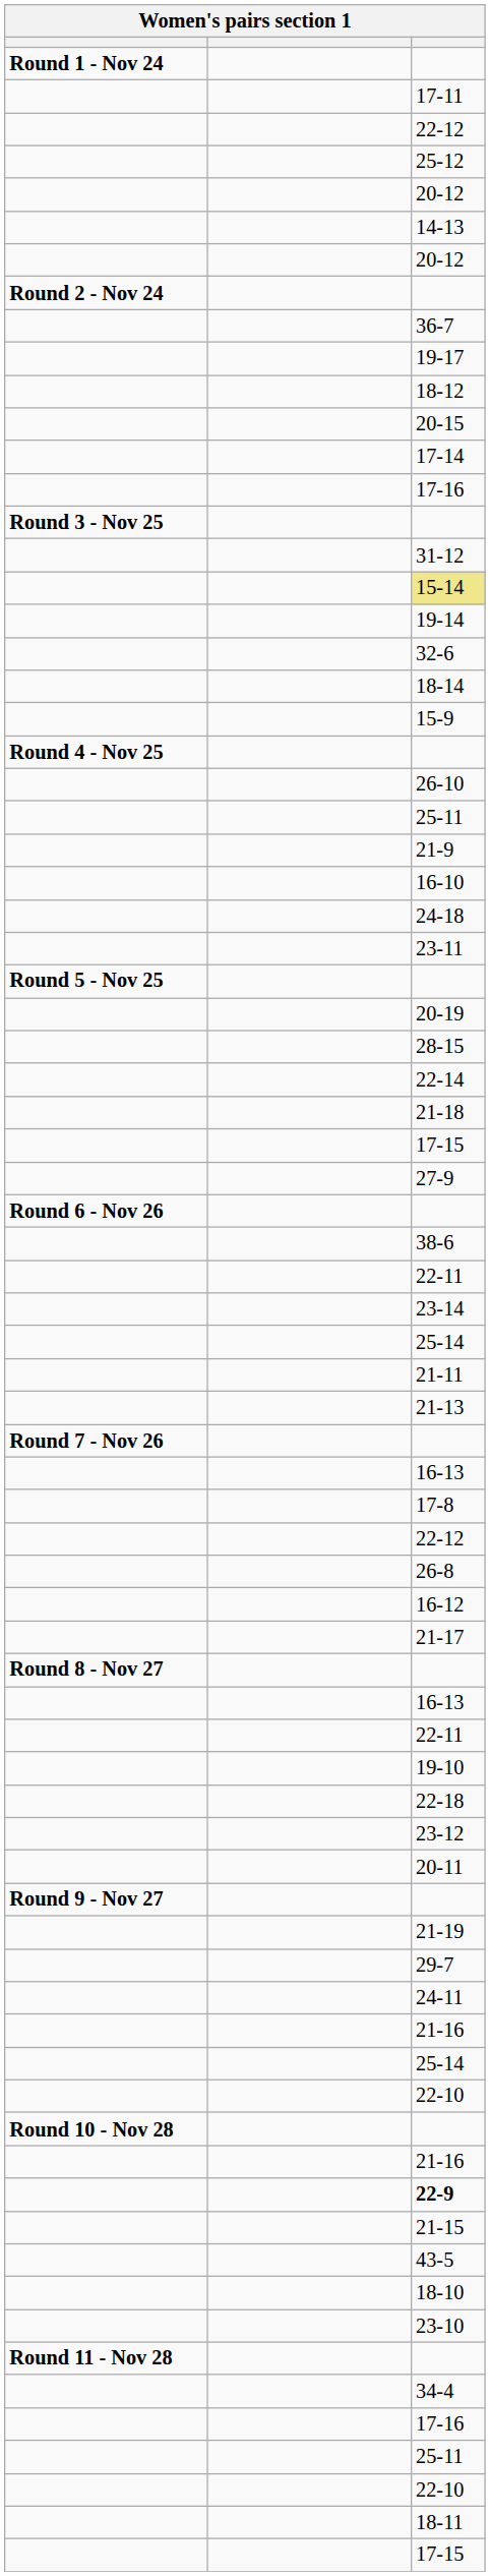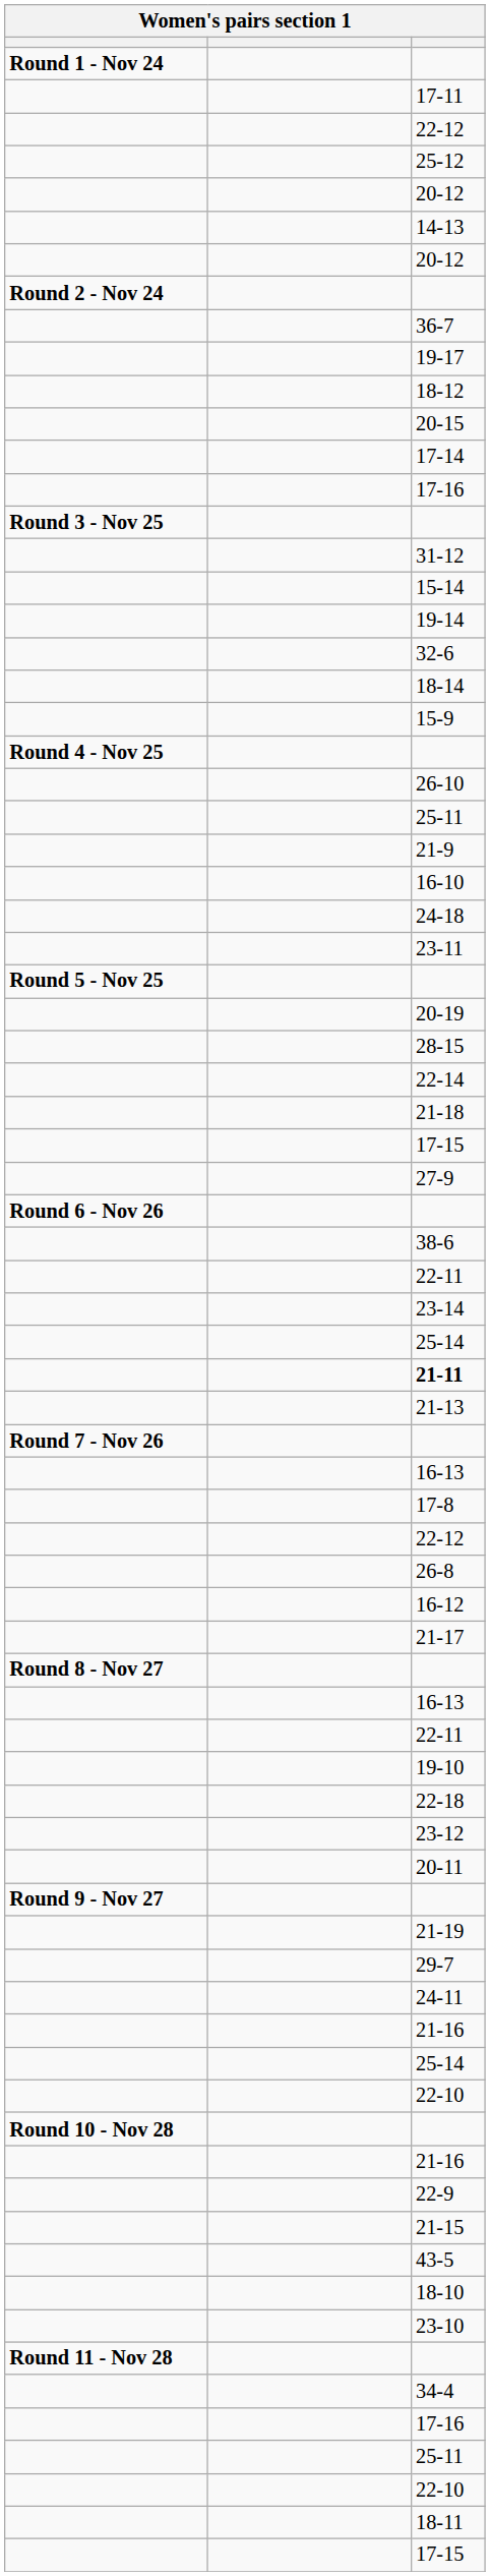 <table class="wikitable">
 <tr>
 <th colspan="3">Women's pairs section 1</th>
 </tr>
 <tr>
 <th width=150></th>
 <th width=150></th>
 <th width=50></th>
 </tr>
 <tr>
 <td><strong>Round 1 - Nov 24</strong></td>
 <td></td>
 <td></td>
 </tr>
 <tr>
 <td></td>
 <td></td>
 <td>17-11</td>
 </tr>
 <tr>
 <td></td>
 <td></td>
 <td>22-12</td>
 </tr>
 <tr>
 <td></td>
 <td></td>
 <td>25-12</td>
 </tr>
 <tr>
 <td></td>
 <td></td>
 <td>20-12</td>
 </tr>
 <tr>
 <td></td>
 <td></td>
 <td>14-13</td>
 </tr>
 <tr>
 <td></td>
 <td></td>
 <td>20-12</td>
 </tr>
 <tr>
 <td><strong>Round 2 - Nov 24</strong></td>
 <td></td>
 <td></td>
 </tr>
 <tr>
 <td></td>
 <td></td>
 <td>36-7</td>
 </tr>
 <tr>
 <td></td>
 <td></td>
 <td>19-17</td>
 </tr>
 <tr>
 <td></td>
 <td></td>
 <td>18-12</td>
 </tr>
 <tr>
 <td></td>
 <td></td>
 <td>20-15</td>
 </tr>
 <tr>
 <td></td>
 <td></td>
 <td>17-14</td>
 </tr>
 <tr>
 <td></td>
 <td></td>
 <td>17-16</td>
 </tr>
 <tr>
 <td><strong>Round 3 - Nov 25</strong></td>
 <td></td>
 <td></td>
 </tr>
 <tr>
 <td></td>
 <td></td>
 <td>31-12</td>
 </tr>
 <tr>
 <td></td>
 <td></td>
-<td style="background: khaki;">15-14</td>
+<td>15-14</td>
 </tr>
 <tr>
 <td></td>
 <td></td>
 <td>19-14</td>
 </tr>
 <tr>
 <td></td>
 <td></td>
 <td>32-6</td>
 </tr>
 <tr>
 <td></td>
 <td></td>
 <td>18-14</td>
 </tr>
 <tr>
 <td></td>
 <td></td>
 <td>15-9</td>
 </tr>
 <tr>
 <td><strong>Round 4 - Nov 25</strong></td>
 <td></td>
 <td></td>
 </tr>
 <tr>
 <td></td>
 <td></td>
 <td>26-10</td>
 </tr>
 <tr>
 <td></td>
 <td></td>
 <td>25-11</td>
 </tr>
 <tr>
 <td></td>
 <td></td>
 <td>21-9</td>
 </tr>
 <tr>
 <td></td>
 <td></td>
 <td>16-10</td>
 </tr>
 <tr>
 <td></td>
 <td></td>
 <td>24-18</td>
 </tr>
 <tr>
 <td></td>
 <td></td>
 <td>23-11</td>
 </tr>
 <tr>
 <td><strong>Round 5 - Nov 25</strong></td>
 <td></td>
 <td></td>
 </tr>
 <tr>
 <td></td>
 <td></td>
 <td>20-19</td>
 </tr>
 <tr>
 <td></td>
 <td></td>
 <td>28-15</td>
 </tr>
 <tr>
 <td></td>
 <td></td>
 <td>22-14</td>
 </tr>
 <tr>
 <td></td>
 <td></td>
 <td>21-18</td>
 </tr>
 <tr>
 <td></td>
 <td></td>
 <td>17-15</td>
 </tr>
 <tr>
 <td></td>
 <td></td>
 <td>27-9</td>
 </tr>
 <tr>
 <td><strong>Round 6  - Nov 26 </strong></td>
 <td></td>
 <td></td>
 </tr>
 <tr>
 <td></td>
 <td></td>
 <td>38-6</td>
 </tr>
 <tr>
 <td></td>
 <td></td>
 <td>22-11</td>
 </tr>
 <tr>
 <td></td>
 <td></td>
 <td>23-14</td>
 </tr>
 <tr>
 <td></td>
 <td></td>
 <td>25-14</td>
 </tr>
 <tr>
 <td></td>
 <td></td>
-<td>21-11</td>
+<td><strong>21-11</strong></td>
 </tr>
 <tr>
 <td></td>
 <td></td>
 <td>21-13</td>
 </tr>
 <tr>
 <td><strong>Round 7 - Nov 26 </strong></td>
 <td></td>
 <td></td>
 </tr>
 <tr>
 <td></td>
 <td></td>
 <td>16-13</td>
 </tr>
 <tr>
 <td></td>
 <td></td>
 <td>17-8</td>
 </tr>
 <tr>
 <td></td>
 <td></td>
 <td>22-12</td>
 </tr>
 <tr>
 <td></td>
 <td></td>
 <td>26-8</td>
 </tr>
 <tr>
 <td></td>
 <td></td>
 <td>16-12</td>
 </tr>
 <tr>
 <td></td>
 <td></td>
 <td>21-17</td>
 </tr>
 <tr>
 <td><strong>Round 8 - Nov 27</strong></td>
 <td></td>
 <td></td>
 </tr>
 <tr>
 <td></td>
 <td></td>
 <td>16-13</td>
 </tr>
 <tr>
 <td></td>
 <td></td>
 <td>22-11</td>
 </tr>
 <tr>
 <td></td>
 <td></td>
 <td>19-10</td>
 </tr>
 <tr>
 <td></td>
 <td></td>
 <td>22-18</td>
 </tr>
 <tr>
 <td></td>
 <td></td>
 <td>23-12</td>
 </tr>
 <tr>
 <td></td>
 <td></td>
 <td>20-11</td>
 </tr>
 <tr>
 <td><strong>Round 9 - Nov 27</strong></td>
 <td></td>
 <td></td>
 </tr>
 <tr>
 <td></td>
 <td></td>
 <td>21-19</td>
 </tr>
 <tr>
 <td></td>
 <td></td>
 <td>29-7</td>
 </tr>
 <tr>
 <td></td>
 <td></td>
 <td>24-11</td>
 </tr>
 <tr>
 <td></td>
 <td></td>
 <td>21-16</td>
 </tr>
 <tr>
 <td></td>
 <td></td>
 <td>25-14</td>
 </tr>
 <tr>
 <td></td>
 <td></td>
 <td>22-10</td>
 </tr>
 <tr>
 <td><strong>Round 10 - Nov 28</strong></td>
 <td></td>
 <td></td>
 </tr>
 <tr>
 <td></td>
 <td></td>
 <td>21-16</td>
 </tr>
 <tr>
 <td></td>
 <td></td>
-<td><strong>22-9</strong></td>
+<td>22-9</td>
 </tr>
 <tr>
 <td></td>
 <td></td>
 <td>21-15</td>
 </tr>
 <tr>
 <td></td>
 <td></td>
 <td>43-5</td>
 </tr>
 <tr>
 <td></td>
 <td></td>
 <td>18-10</td>
 </tr>
 <tr>
 <td></td>
 <td></td>
 <td>23-10</td>
 </tr>
 <tr>
 <td><strong>Round 11 - Nov 28</strong></td>
 <td></td>
 <td></td>
 </tr>
 <tr>
 <td></td>
 <td></td>
 <td>34-4</td>
 </tr>
 <tr>
 <td></td>
 <td></td>
 <td>17-16</td>
 </tr>
 <tr>
 <td></td>
 <td></td>
 <td>25-11</td>
 </tr>
 <tr>
 <td></td>
 <td></td>
 <td>22-10</td>
 </tr>
 <tr>
 <td></td>
 <td></td>
 <td>18-11</td>
 </tr>
 <tr>
 <td></td>
 <td></td>
 <td>17-15</td>
 </tr>
 <tr>
 </tr>
 </table>
